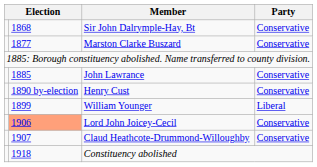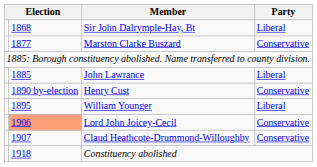 <table class="wikitable">
 <tr>
 <th colspan="2">Election</th>
 <th>Member</th>
 <th>Party</th>
 </tr>
 <tr>
 <td style="color:inherit;background-color: "></td>
 <td><a href='#'>1868</a></td>
 <td><a href='#'>Sir John Dalrymple-Hay, Bt</a></td>
-<td><a href='#'>Conservative</a></td>
+<td><a href='#'>Liberal</a></td>
 </tr>
 <tr>
 <td style="color:inherit;background-color: "></td>
 <td><a href='#'>1877</a></td>
 <td><a href='#'>Marston Clarke Buszard</a></td>
 <td><a href='#'>Conservative</a></td>
 </tr>
 <tr>
 <td colspan="7" align="center"><em>1885: Borough constituency abolished. Name transferred to county division.</em></td>
 </tr>
 <tr>
 <td style="color:inherit;background-color: "></td>
 <td><a href='#'>1885</a></td>
 <td><a href='#'>John Lawrance</a></td>
-<td><a href='#'>Conservative</a></td>
+<td><a href='#'>Liberal</a></td>
 </tr>
 <tr>
 <td style="color:inherit;background-color: "></td>
 <td><a href='#'>1890 by-election</a></td>
 <td><a href='#'>Henry Cust</a></td>
 <td><a href='#'>Conservative</a></td>
 </tr>
 <tr>
 <td style="color:inherit;background-color: "></td>
-<td><a href='#'>1899</a></td>
+<td><a href='#'>1895</a></td>
 <td><a href='#'>William Younger</a></td>
 <td><a href='#'>Liberal</a></td>
 </tr>
 <tr>
 <td style="color:inherit;background-color: "></td>
 <td style="background: lightsalmon;"><a href='#'>1906</a></td>
 <td><a href='#'>Lord John Joicey-Cecil</a></td>
 <td><a href='#'>Conservative</a></td>
 </tr>
 <tr>
 <td style="color:inherit;background-color: "></td>
 <td><a href='#'>1907</a></td>
 <td><a href='#'>Claud Heathcote-Drummond-Willoughby</a></td>
 <td><a href='#'>Conservative</a></td>
 </tr>
 <tr>
 <td></td>
 <td><a href='#'>1918</a></td>
 <td colspan="2"><em>Constituency abolished</em></td>
 </tr>
 </table>
